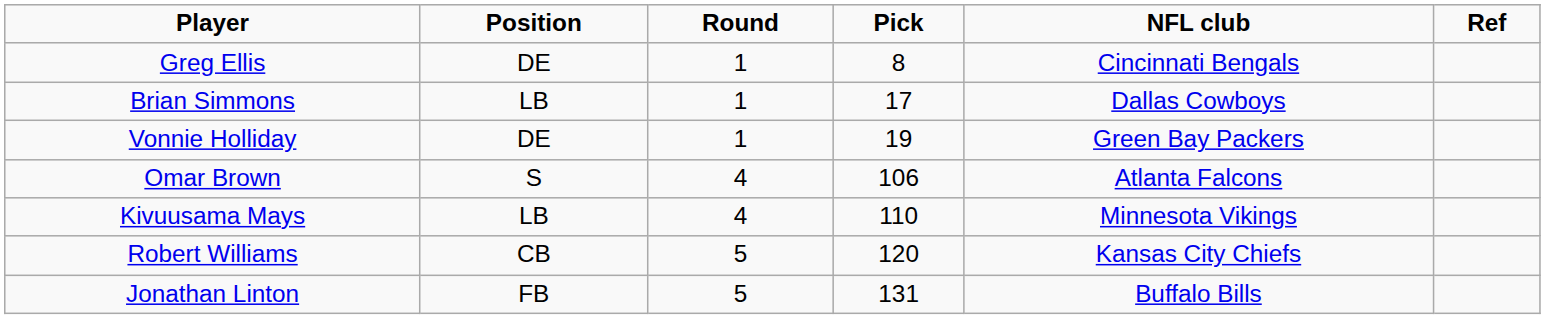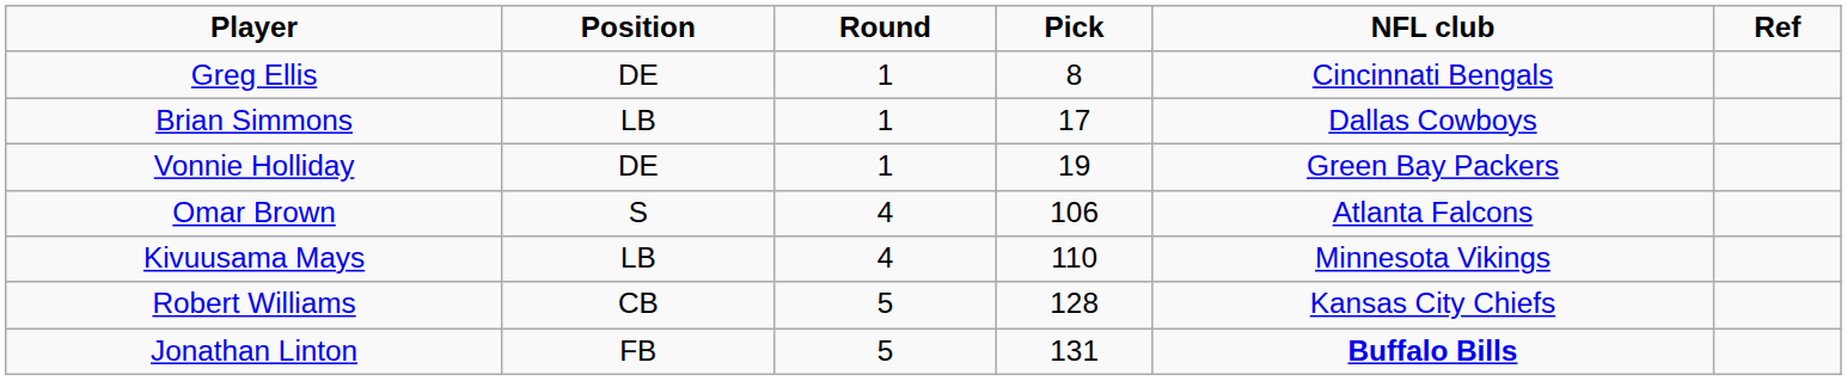 <table class="wikitable" width="80%">
 <tr align="center">
 <td><strong>Player</strong></td>
 <td><strong>Position</strong></td>
 <td><strong>Round</strong></td>
 <td><strong>Pick</strong></td>
 <td><strong>NFL club</strong></td>
 <td><strong>Ref</strong></td>
 </tr>
 <tr align="center" bgcolor="">
 <td><a href='#'>Greg Ellis</a></td>
 <td>DE</td>
 <td>1</td>
 <td>8</td>
 <td><a href='#'>Cincinnati Bengals</a></td>
 <td></td>
 </tr>
 <tr align="center" bgcolor="">
 <td><a href='#'>Brian Simmons</a></td>
 <td>LB</td>
 <td>1</td>
 <td>17</td>
 <td><a href='#'>Dallas Cowboys</a></td>
 <td></td>
 </tr>
 <tr align="center" bgcolor="">
 <td><a href='#'>Vonnie Holliday</a></td>
 <td>DE</td>
 <td>1</td>
 <td>19</td>
 <td><a href='#'>Green Bay Packers</a></td>
 <td></td>
 </tr>
 <tr align="center" bgcolor="">
 <td><a href='#'>Omar Brown</a></td>
 <td>S</td>
 <td>4</td>
 <td>106</td>
 <td><a href='#'>Atlanta Falcons</a></td>
 <td></td>
 </tr>
 <tr align="center" bgcolor="">
 <td><a href='#'>Kivuusama Mays</a></td>
 <td>LB</td>
 <td>4</td>
 <td>110</td>
 <td><a href='#'>Minnesota Vikings</a></td>
 <td></td>
 </tr>
 <tr align="center" bgcolor="">
 <td><a href='#'>Robert Williams</a></td>
 <td>CB</td>
 <td>5</td>
-<td>120</td>
+<td>128</td>
 <td><a href='#'>Kansas City Chiefs</a></td>
 <td></td>
 </tr>
 <tr align="center" bgcolor="">
 <td><a href='#'>Jonathan Linton</a></td>
 <td>FB</td>
 <td>5</td>
 <td>131</td>
-<td><a href='#'>Buffalo Bills</a></td>
+<td><strong><a href='#'>Buffalo Bills</a></strong></td>
 <td></td>
 </tr>
 </table>
